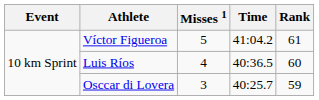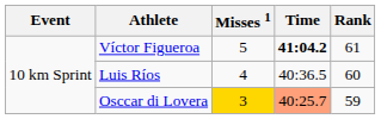 <table class="wikitable" style="font-size:90%">
 <tr>
 <th>Event</th>
 <th>Athlete</th>
 <th>Misses <sup>1</sup></th>
 <th>Time</th>
 <th>Rank</th>
 </tr>
 <tr>
 <td rowspan="3">10 km Sprint</td>
 <td><a href='#'>Víctor Figueroa</a></td>
 <td align="center">5</td>
-<td align="center">41:04.2</td>
+<td align="center"><strong>41:04.2</strong></td>
 <td align="center">61</td>
 </tr>
 <tr>
 <td><a href='#'>Luis Ríos</a></td>
 <td align="center">4</td>
 <td align="center">40:36.5</td>
 <td align="center">60</td>
 </tr>
 <tr>
 <td><a href='#'>Osccar di Lovera</a></td>
-<td align="center">3</td>
-<td align="center">40:25.7</td>
+<td align="center" style="background: gold;">3</td>
+<td align="center" style="background: lightsalmon;">40:25.7</td>
 <td align="center">59</td>
 </tr>
 </table>
